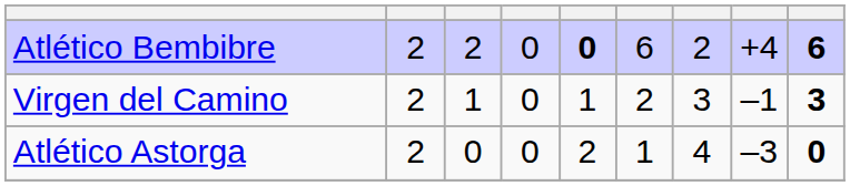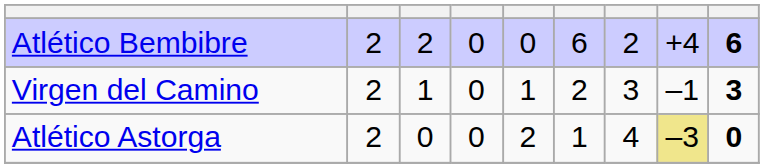 <table class="wikitable" style="text-align: center;">
 <tr>
 <th width="175"></th>
 <th width="20"></th>
 <th width="20"></th>
 <th width="20"></th>
 <th width="20"></th>
 <th width="20"></th>
 <th width="20"></th>
 <th width="20"></th>
 <th width="20"></th>
 </tr>
 <tr bgcolor=#ccccff>
 <td align=left><a href='#'>Atlético Bembibre</a></td>
 <td>2</td>
 <td>2</td>
 <td>0</td>
-<td><strong>0</strong></td>
+<td>0</td>
 <td>6</td>
 <td>2</td>
 <td>+4</td>
 <td><strong>6</strong></td>
 </tr>
 <tr>
 <td align=left><a href='#'>Virgen del Camino</a></td>
 <td>2</td>
 <td>1</td>
 <td>0</td>
 <td>1</td>
 <td>2</td>
 <td>3</td>
 <td>–1</td>
 <td><strong>3</strong></td>
 </tr>
 <tr>
 <td align=left><a href='#'>Atlético Astorga</a></td>
 <td>2</td>
 <td>0</td>
 <td>0</td>
 <td>2</td>
 <td>1</td>
 <td>4</td>
-<td>–3</td>
+<td style="background: khaki;">–3</td>
 <td><strong>0</strong></td>
 </tr>
 <tr>
 </tr>
 </table>
